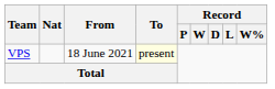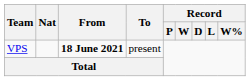 <table class="wikitable" style="text-align:center">
 <tr>
 <th rowspan="2">Team</th>
 <th rowspan="2">Nat</th>
 <th rowspan="2">From</th>
 <th rowspan="2">To</th>
 <th colspan="8">Record</th>
 </tr>
 <tr>
 <th>P</th>
 <th>W</th>
 <th>D</th>
 <th>L</th>
 <th>W%</th>
 </tr>
 <tr>
 <td align=left><a href='#'>VPS</a></td>
 <td></td>
-<td align=left>18 June 2021</td>
-<td align=left style="background: lightyellow;">present<br></td>
+<td align=left><strong>18 June 2021</strong></td>
+<td align=left>present<br></td>
 </tr>
 <tr>
 <th colspan="4">Total<br></th>
 </tr>
 </table>
